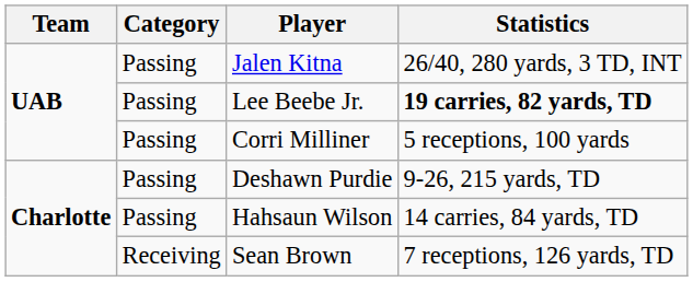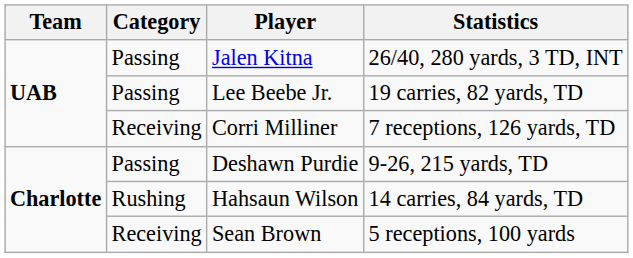 <table class="wikitable" style="float: right;">
 <tr>
 <th>Team</th>
 <th>Category</th>
 <th>Player</th>
 <th>Statistics</th>
 </tr>
 <tr>
 <td rowspan=3><strong>UAB</strong></td>
 <td>Passing</td>
 <td><a href='#'>Jalen Kitna</a></td>
 <td>26/40, 280 yards, 3 TD, INT</td>
 </tr>
 <tr>
 <td>Passing</td>
 <td>Lee Beebe Jr.</td>
-<td><strong>19 carries, 82 yards, TD</strong></td>
+<td>19 carries, 82 yards, TD</td>
 </tr>
 <tr>
-<td>Passing</td>
+<td>Receiving</td>
 <td>Corri Milliner</td>
-<td>5 receptions, 100 yards</td>
+<td>7 receptions, 126 yards, TD</td>
 </tr>
 <tr>
 <td rowspan=3><strong>Charlotte</strong></td>
 <td>Passing</td>
 <td>Deshawn Purdie</td>
 <td>9-26, 215 yards, TD</td>
 </tr>
 <tr>
-<td>Passing</td>
+<td>Rushing</td>
 <td>Hahsaun Wilson</td>
 <td>14 carries, 84 yards, TD</td>
 </tr>
 <tr>
 <td>Receiving</td>
 <td>Sean Brown</td>
-<td>7 receptions, 126 yards, TD</td>
+<td>5 receptions, 100 yards</td>
 </tr>
 </table>
